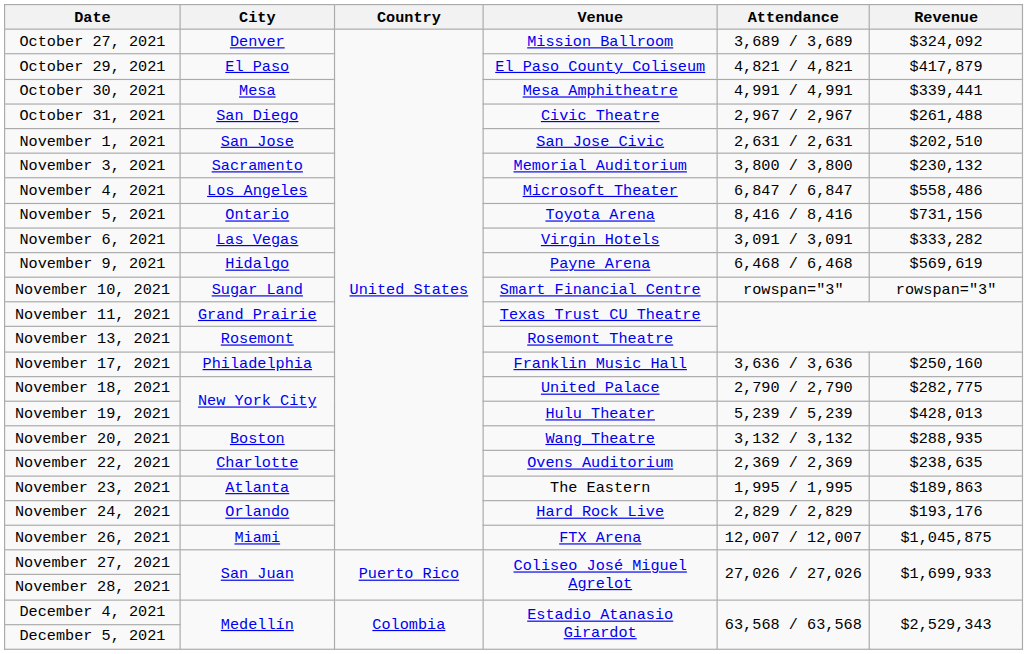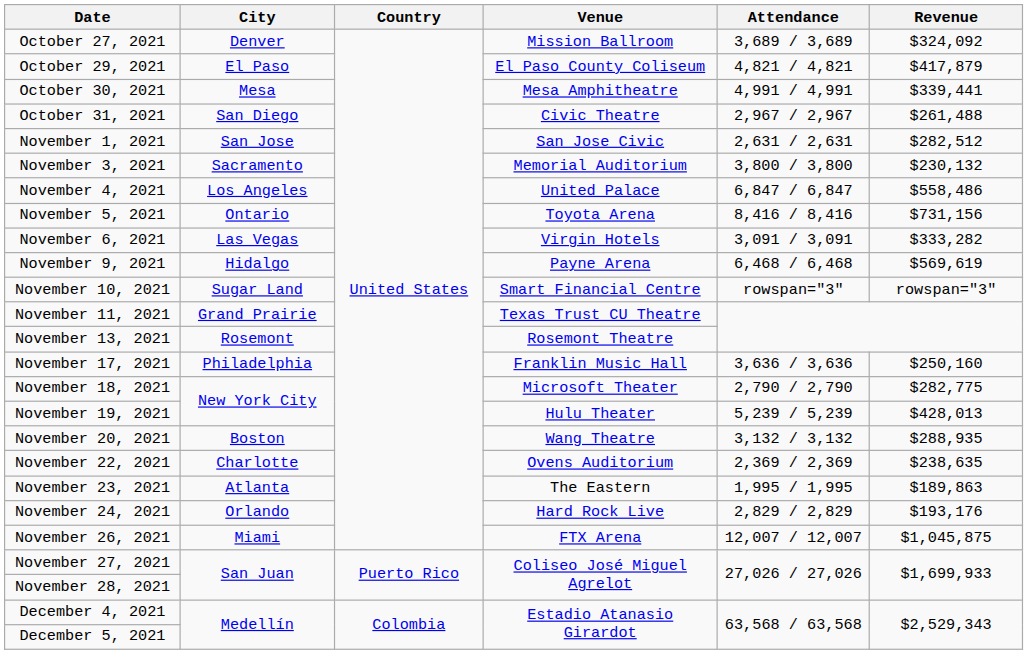 <table class="wikitable plainrowheaders" style="text-align:center;">
 <tr>
 <th scope="col" style="width:12em;">Date</th>
 <th scope="col" style="width:10em;">City</th>
 <th scope="col" style="width:10em;">Country</th>
 <th scope="col" style="width:16em;">Venue</th>
 <th scope="col" style="width:10em;">Attendance</th>
 <th scope="col" style="width:10em;">Revenue</th>
 </tr>
 <tr>
 <td>October 27, 2021</td>
 <td><a href='#'>Denver</a></td>
 <td rowspan="21"><a href='#'>United States</a></td>
 <td><a href='#'>Mission Ballroom</a></td>
 <td>3,689 / 3,689</td>
 <td>$324,092</td>
 </tr>
 <tr>
 <td>October 29, 2021</td>
 <td><a href='#'>El Paso</a></td>
 <td><a href='#'>El Paso County Coliseum</a></td>
 <td>4,821 / 4,821</td>
 <td>$417,879</td>
 </tr>
 <tr>
 <td>October 30, 2021</td>
 <td><a href='#'>Mesa</a></td>
 <td><a href='#'>Mesa Amphitheatre</a></td>
 <td>4,991 / 4,991</td>
 <td>$339,441</td>
 </tr>
 <tr>
 <td>October 31, 2021</td>
 <td><a href='#'>San Diego</a></td>
 <td><a href='#'>Civic Theatre</a></td>
 <td>2,967 / 2,967</td>
 <td>$261,488</td>
 </tr>
 <tr>
 <td>November 1, 2021</td>
 <td><a href='#'>San Jose</a></td>
 <td><a href='#'>San Jose Civic</a></td>
 <td>2,631 / 2,631</td>
-<td>$202,510</td>
+<td>$282,512</td>
 </tr>
 <tr>
 <td>November 3, 2021</td>
 <td><a href='#'>Sacramento</a></td>
 <td><a href='#'>Memorial Auditorium</a></td>
 <td>3,800 / 3,800</td>
 <td>$230,132</td>
 </tr>
 <tr>
 <td>November 4, 2021</td>
 <td><a href='#'>Los Angeles</a></td>
-<td><a href='#'>Microsoft Theater</a></td>
+<td><a href='#'>United Palace</a></td>
 <td>6,847 / 6,847</td>
 <td>$558,486</td>
 </tr>
 <tr>
 <td>November 5, 2021</td>
 <td><a href='#'>Ontario</a></td>
 <td><a href='#'>Toyota Arena</a></td>
 <td>8,416 / 8,416</td>
 <td>$731,156</td>
 </tr>
 <tr>
 <td>November 6, 2021</td>
 <td><a href='#'>Las Vegas</a></td>
 <td><a href='#'>Virgin Hotels</a></td>
 <td>3,091 / 3,091</td>
 <td>$333,282</td>
 </tr>
 <tr>
 <td>November 9, 2021</td>
 <td><a href='#'>Hidalgo</a></td>
 <td><a href='#'>Payne Arena</a></td>
 <td>6,468 / 6,468</td>
 <td>$569,619</td>
 </tr>
 <tr>
 <td>November 10, 2021</td>
 <td><a href='#'>Sugar Land</a></td>
 <td><a href='#'>Smart Financial Centre</a></td>
 <td>rowspan="3" </td>
 <td>rowspan="3" </td>
 </tr>
 <tr>
 <td>November 11, 2021</td>
 <td><a href='#'>Grand Prairie</a></td>
 <td><a href='#'>Texas Trust CU Theatre</a></td>
 </tr>
 <tr>
 <td>November 13, 2021</td>
 <td><a href='#'>Rosemont</a></td>
 <td><a href='#'>Rosemont Theatre</a></td>
 </tr>
 <tr>
 <td>November 17, 2021</td>
 <td><a href='#'>Philadelphia</a></td>
 <td><a href='#'>Franklin Music Hall</a></td>
 <td>3,636 / 3,636</td>
 <td>$250,160</td>
 </tr>
 <tr>
 <td>November 18, 2021</td>
 <td rowspan="2"><a href='#'>New York City</a></td>
-<td><a href='#'>United Palace</a></td>
+<td><a href='#'>Microsoft Theater</a></td>
 <td>2,790 / 2,790</td>
 <td>$282,775</td>
 </tr>
 <tr>
 <td>November 19, 2021</td>
 <td><a href='#'>Hulu Theater</a></td>
 <td>5,239 / 5,239</td>
 <td>$428,013</td>
 </tr>
 <tr>
 <td>November 20, 2021</td>
 <td><a href='#'>Boston</a></td>
 <td><a href='#'>Wang Theatre</a></td>
 <td>3,132 / 3,132</td>
 <td>$288,935</td>
 </tr>
 <tr>
 <td>November 22, 2021</td>
 <td><a href='#'>Charlotte</a></td>
 <td><a href='#'>Ovens Auditorium</a></td>
 <td>2,369 / 2,369</td>
 <td>$238,635</td>
 </tr>
 <tr>
 <td>November 23, 2021</td>
 <td><a href='#'>Atlanta</a></td>
 <td>The Eastern</td>
 <td>1,995 / 1,995</td>
 <td>$189,863</td>
 </tr>
 <tr>
 <td>November 24, 2021</td>
 <td><a href='#'>Orlando</a></td>
 <td><a href='#'>Hard Rock Live</a></td>
 <td>2,829 / 2,829</td>
 <td>$193,176</td>
 </tr>
 <tr>
 <td>November 26, 2021</td>
 <td><a href='#'>Miami</a></td>
 <td><a href='#'>FTX Arena</a></td>
 <td>12,007 / 12,007</td>
 <td>$1,045,875</td>
 </tr>
 <tr>
 <td>November 27, 2021</td>
 <td rowspan="2"><a href='#'>San Juan</a></td>
 <td rowspan="2"><a href='#'>Puerto Rico</a></td>
 <td rowspan="2"><a href='#'>Coliseo José Miguel Agrelot</a></td>
 <td rowspan="2">27,026 / 27,026</td>
 <td rowspan="2">$1,699,933</td>
 </tr>
 <tr>
 <td>November 28, 2021</td>
 </tr>
 <tr>
 <td>December 4, 2021</td>
 <td rowspan="2"><a href='#'>Medellín</a></td>
 <td rowspan="2"><a href='#'>Colombia</a></td>
 <td rowspan="2"><a href='#'>Estadio Atanasio Girardot</a></td>
 <td rowspan="2">63,568 / 63,568</td>
 <td rowspan="2">$2,529,343</td>
 </tr>
 <tr>
 <td>December 5, 2021</td>
 </tr>
 </table>
